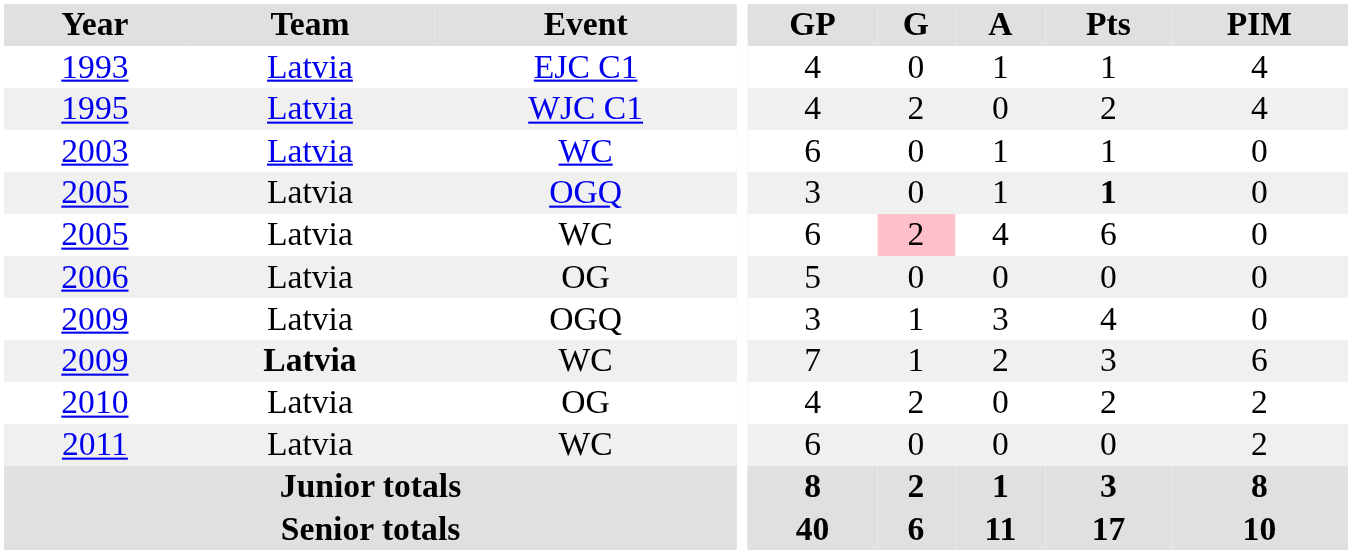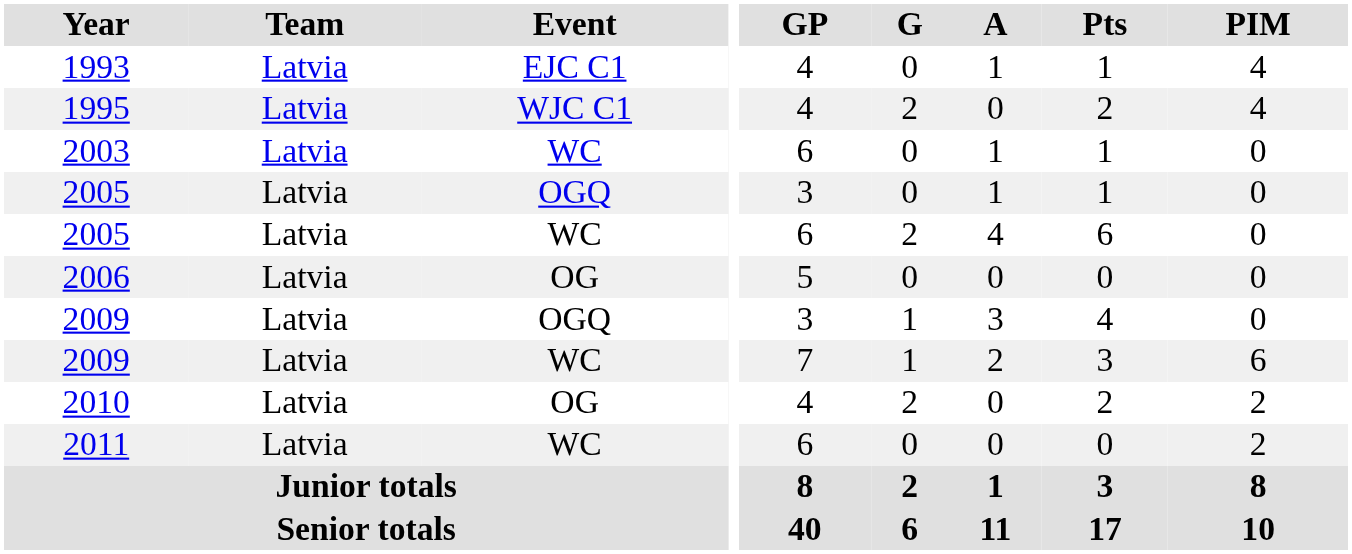 <table border="0" cellpadding="1" cellspacing="0" ID="Table3" style="text-align:center; width:40em">
 <tr ALIGN="center" bgcolor="#e0e0e0">
 <th>Year</th>
 <th>Team</th>
 <th>Event</th>
 <th rowspan="99" bgcolor="#ffffff"></th>
 <th>GP</th>
 <th>G</th>
 <th>A</th>
 <th>Pts</th>
 <th>PIM</th>
 </tr>
 <tr>
 <td><a href='#'>1993</a></td>
 <td><a href='#'>Latvia</a></td>
 <td><a href='#'>EJC C1</a></td>
 <td>4</td>
 <td>0</td>
 <td>1</td>
 <td>1</td>
 <td>4</td>
 </tr>
 <tr bgcolor="#f0f0f0">
 <td><a href='#'>1995</a></td>
 <td><a href='#'>Latvia</a></td>
 <td><a href='#'>WJC C1</a></td>
 <td>4</td>
 <td>2</td>
 <td>0</td>
 <td>2</td>
 <td>4</td>
 </tr>
 <tr>
 <td><a href='#'>2003</a></td>
 <td><a href='#'>Latvia</a></td>
 <td><a href='#'>WC</a></td>
 <td>6</td>
 <td>0</td>
 <td>1</td>
 <td>1</td>
 <td>0</td>
 </tr>
 <tr bgcolor="#f0f0f0">
 <td><a href='#'>2005</a></td>
 <td>Latvia</td>
 <td><a href='#'>OGQ</a></td>
 <td>3</td>
 <td>0</td>
 <td>1</td>
-<td><strong>1</strong></td>
+<td>1</td>
 <td>0</td>
 </tr>
 <tr>
 <td><a href='#'>2005</a></td>
 <td>Latvia</td>
 <td>WC</td>
 <td>6</td>
-<td style="background: pink;">2</td>
+<td>2</td>
 <td>4</td>
 <td>6</td>
 <td>0</td>
 </tr>
 <tr bgcolor="#f0f0f0">
 <td><a href='#'>2006</a></td>
 <td>Latvia</td>
 <td>OG</td>
 <td>5</td>
 <td>0</td>
 <td>0</td>
 <td>0</td>
 <td>0</td>
 </tr>
 <tr>
 <td><a href='#'>2009</a></td>
 <td>Latvia</td>
 <td>OGQ</td>
 <td>3</td>
 <td>1</td>
 <td>3</td>
 <td>4</td>
 <td>0</td>
 </tr>
 <tr bgcolor="#f0f0f0">
 <td><a href='#'>2009</a></td>
-<td><strong>Latvia</strong></td>
+<td>Latvia</td>
 <td>WC</td>
 <td>7</td>
 <td>1</td>
 <td>2</td>
 <td>3</td>
 <td>6</td>
 </tr>
 <tr>
 <td><a href='#'>2010</a></td>
 <td>Latvia</td>
 <td>OG</td>
 <td>4</td>
 <td>2</td>
 <td>0</td>
 <td>2</td>
 <td>2</td>
 </tr>
 <tr bgcolor="#f0f0f0">
 <td><a href='#'>2011</a></td>
 <td>Latvia</td>
 <td>WC</td>
 <td>6</td>
 <td>0</td>
 <td>0</td>
 <td>0</td>
 <td>2</td>
 </tr>
 <tr bgcolor="#e0e0e0">
 <th colspan="3">Junior totals</th>
 <th>8</th>
 <th>2</th>
 <th>1</th>
 <th>3</th>
 <th>8</th>
 </tr>
 <tr bgcolor="#e0e0e0">
 <th colspan="3">Senior totals</th>
 <th>40</th>
 <th>6</th>
 <th>11</th>
 <th>17</th>
 <th>10</th>
 </tr>
 </table>
